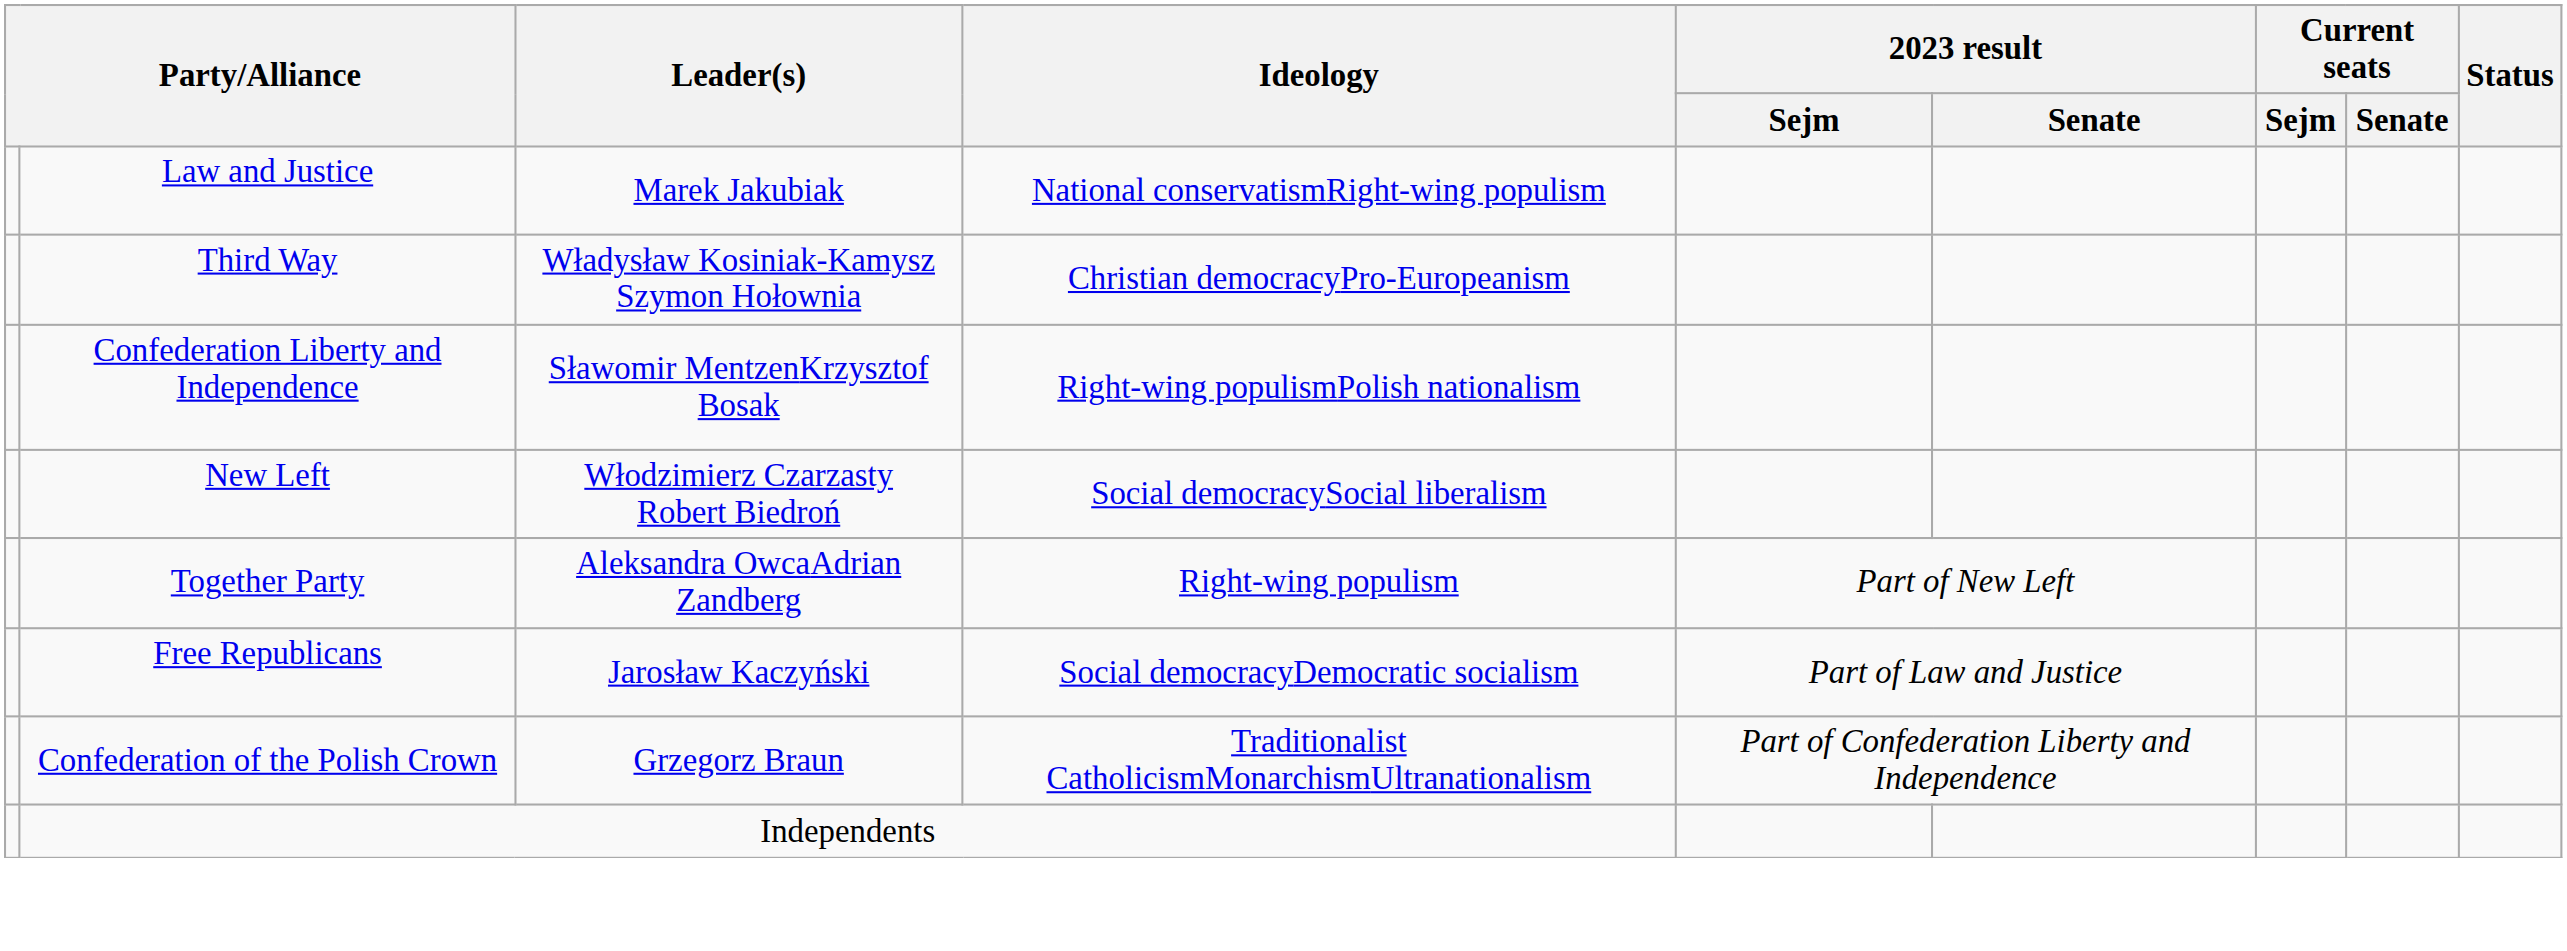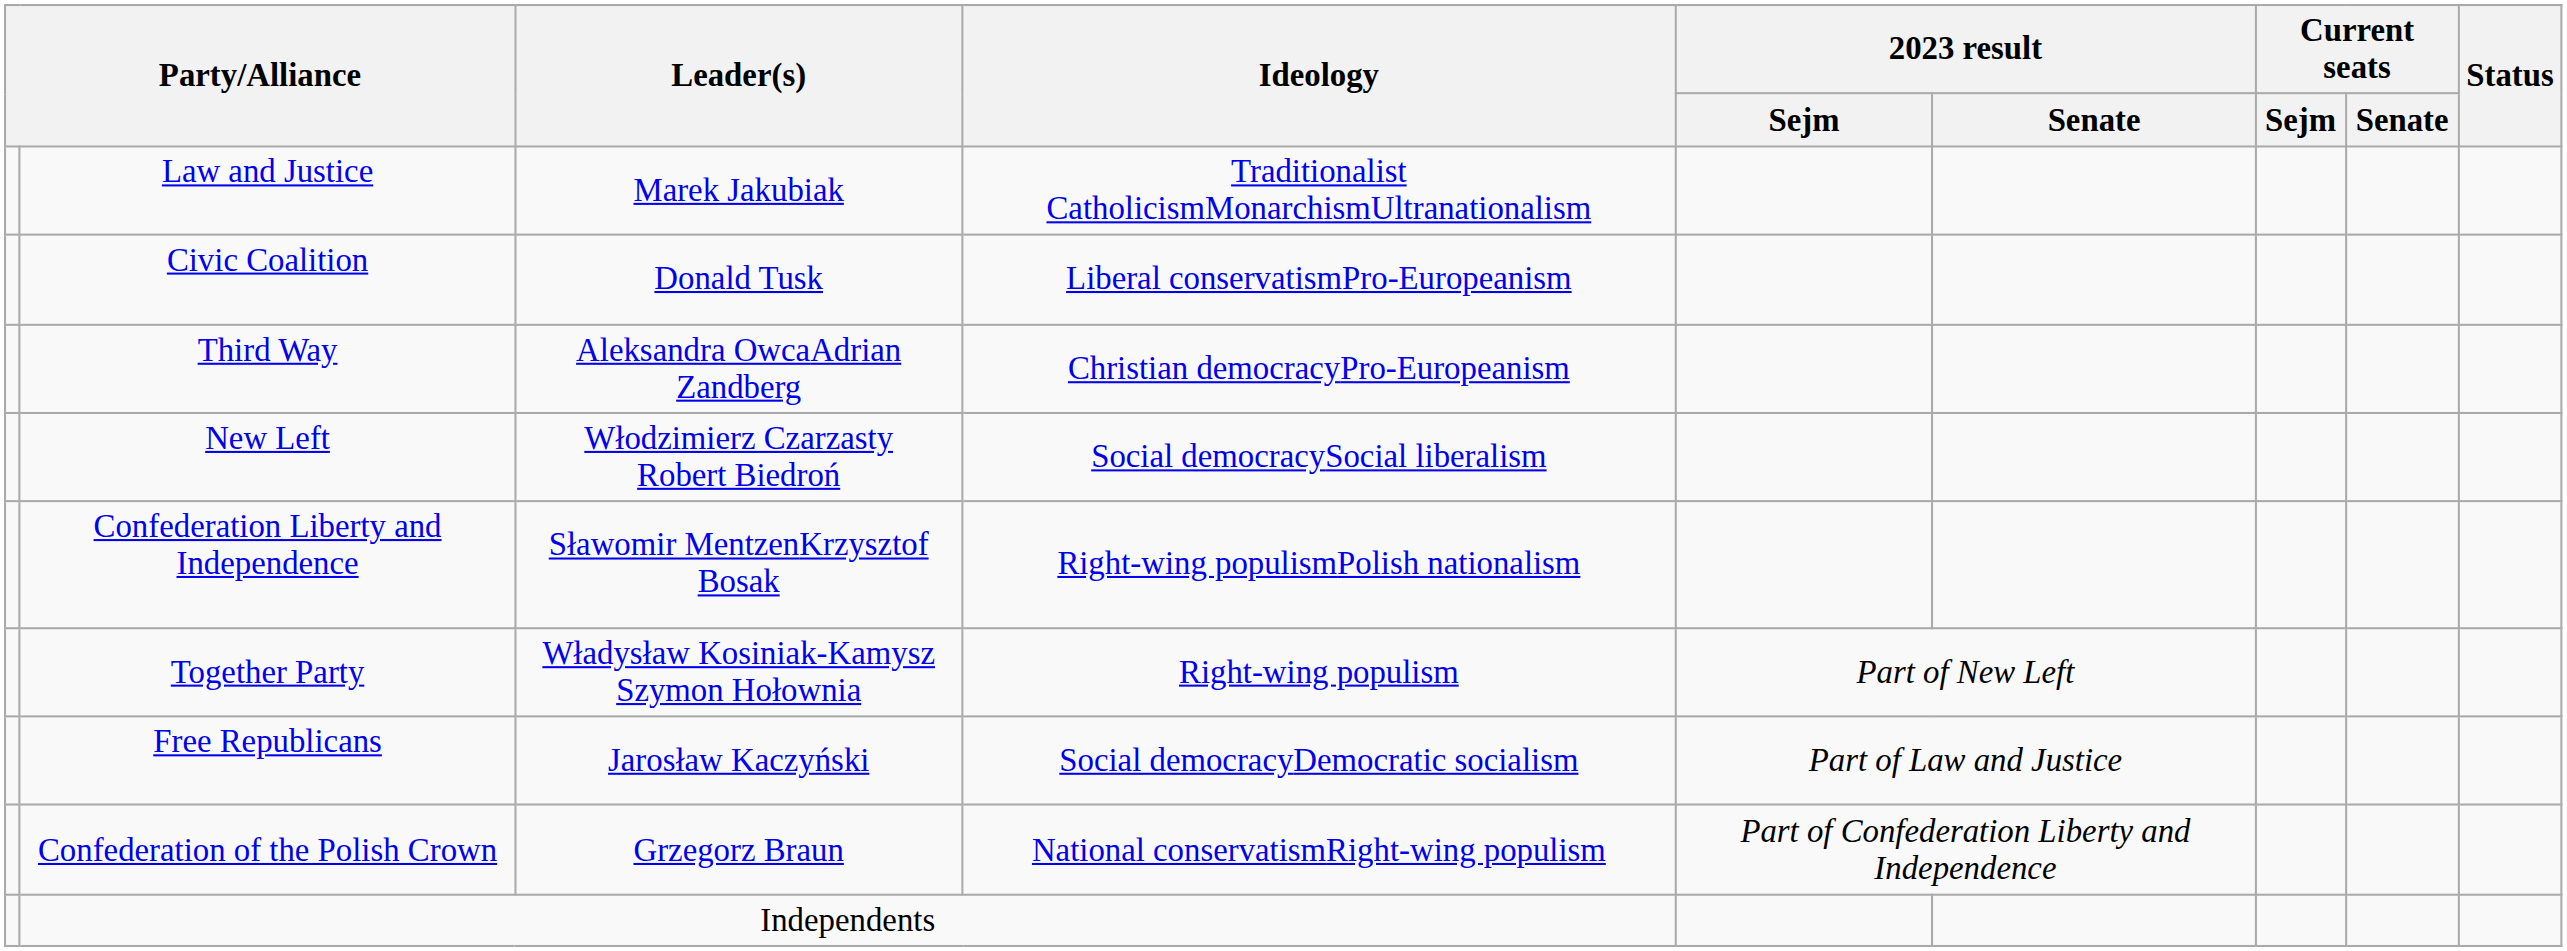 <table class="wikitable" style="text-align:center">
 <tr>
 <th colspan="2" rowspan="2">Party/Alliance</th>
 <th rowspan="2">Leader(s)</th>
 <th rowspan="2">Ideology</th>
 <th colspan="2">2023 result</th>
 <th colspan="2">Current seats</th>
 <th rowspan="2">Status</th>
 </tr>
 <tr>
 <th>Sejm</th>
 <th>Senate</th>
 <th>Sejm</th>
 <th>Senate</th>
 </tr>
 <tr>
 <td style="background:"></td>
 <td><a href='#'>Law and Justice</a><br><br></td>
 <td><a href='#'>Marek Jakubiak</a></td>
-<td><a href='#'>National conservatism</a><a href='#'>Right-wing populism</a></td>
+<td><a href='#'>Traditionalist Catholicism</a><a href='#'>Monarchism</a><a href='#'>Ultranationalism</a></td>
+<td></td>
+<td></td>
+<td></td>
+<td></td>
+<td></td>
+</tr>
+<tr>
+<td style="background:"></td>
+<td><a href='#'>Civic Coalition</a><br><br></td>
+<td><a href='#'>Donald Tusk</a></td>
+<td><a href='#'>Liberal conservatism</a><a href='#'>Pro-Europeanism</a></td>
 <td></td>
 <td></td>
 <td></td>
 <td></td>
 <td></td>
 </tr>
 <tr>
 <td style="background:"></td>
 <td><a href='#'>Third Way</a><br><br></td>
-<td><a href='#'>Władysław Kosiniak-Kamysz</a><br><a href='#'>Szymon Hołownia</a></td>
+<td><a href='#'>Aleksandra Owca</a><a href='#'>Adrian Zandberg</a></td>
 <td><a href='#'>Christian democracy</a><a href='#'>Pro-Europeanism</a></td>
+<td></td>
+<td></td>
+<td></td>
+<td></td>
+<td></td>
+</tr>
+<tr>
+<td style="background:"></td>
+<td><a href='#'>New Left</a><br><br></td>
+<td><a href='#'>Włodzimierz Czarzasty</a><br><a href='#'>Robert Biedroń</a></td>
+<td><a href='#'>Social democracy</a><a href='#'>Social liberalism</a></td>
 <td></td>
 <td></td>
 <td></td>
 <td></td>
 <td></td>
 </tr>
 <tr>
 <td style="background:"></td>
 <td><a href='#'>Confederation Liberty and Independence</a><br><br></td>
 <td><a href='#'>Sławomir Mentzen</a><a href='#'>Krzysztof Bosak</a></td>
 <td><a href='#'>Right-wing populism</a><a href='#'>Polish nationalism</a></td>
 <td></td>
 <td></td>
 <td></td>
 <td></td>
 <td></td>
 </tr>
 <tr>
 <td style="background:"></td>
-<td><a href='#'>New Left</a><br><br></td>
-<td><a href='#'>Włodzimierz Czarzasty</a><br><a href='#'>Robert Biedroń</a></td>
-<td><a href='#'>Social democracy</a><a href='#'>Social liberalism</a></td>
-<td></td>
-<td></td>
-<td></td>
-<td></td>
-<td></td>
-</tr>
-<tr>
-<td style="background:"></td>
 <td><a href='#'>Together Party</a><br></td>
-<td><a href='#'>Aleksandra Owca</a><a href='#'>Adrian Zandberg</a></td>
+<td><a href='#'>Władysław Kosiniak-Kamysz</a><br><a href='#'>Szymon Hołownia</a></td>
 <td><a href='#'>Right-wing populism</a></td>
 <td colspan=2><em>Part of New Left</em></td>
 <td></td>
 <td></td>
 <td></td>
 </tr>
 <tr>
 <td style="background:"></td>
 <td><a href='#'>Free Republicans</a><br><br></td>
 <td><a href='#'>Jarosław Kaczyński</a></td>
 <td><a href='#'>Social democracy</a><a href='#'>Democratic socialism</a></td>
 <td colspan=2><em>Part of Law and Justice</em></td>
 <td></td>
 <td></td>
 <td></td>
 </tr>
 <tr>
 <td style="background:"></td>
 <td><a href='#'>Confederation of the Polish Crown</a><br></td>
 <td><a href='#'>Grzegorz Braun</a></td>
-<td><a href='#'>Traditionalist Catholicism</a><a href='#'>Monarchism</a><a href='#'>Ultranationalism</a></td>
+<td><a href='#'>National conservatism</a><a href='#'>Right-wing populism</a></td>
 <td colspan=2><em>Part of Confederation Liberty and Independence</em></td>
 <td></td>
 <td></td>
 <td></td>
 </tr>
 <tr>
 <td style="background:"></td>
 <td colspan=3>Independents</td>
 <td></td>
 <td></td>
 <td></td>
 <td></td>
 <td></td>
 </tr>
 </table>
